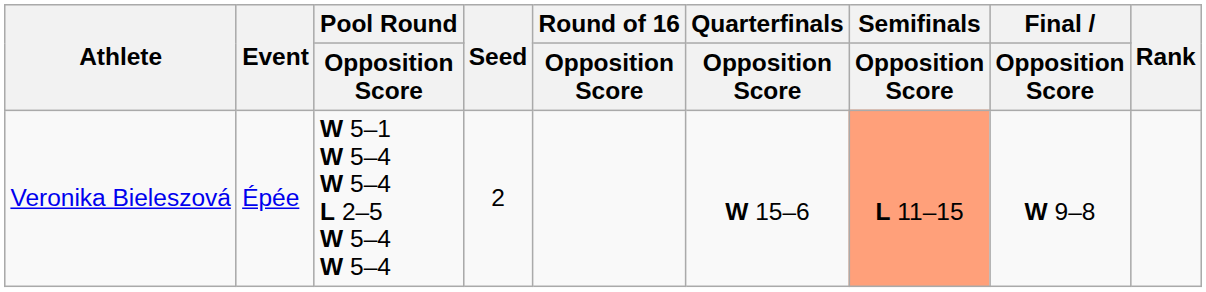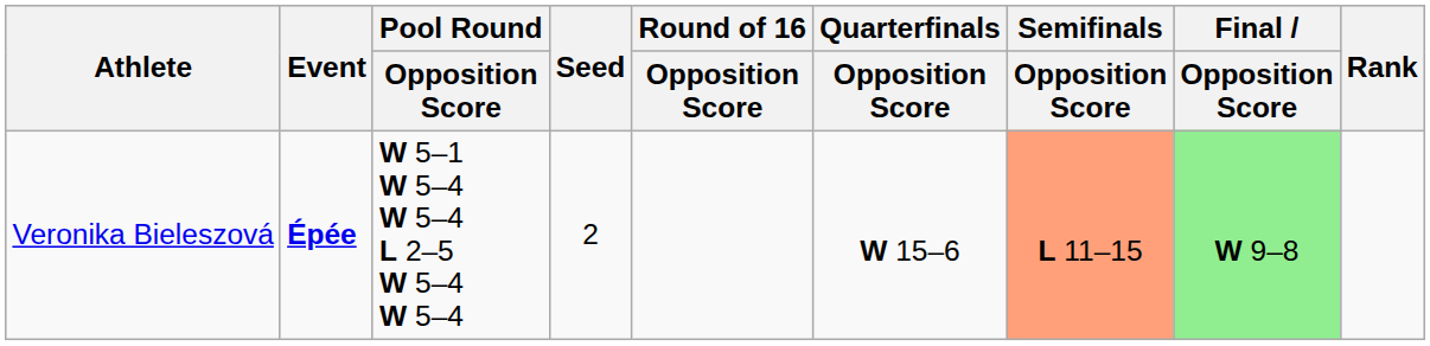 <table class="wikitable">
 <tr>
 <th rowspan="2">Athlete</th>
 <th rowspan="2">Event</th>
 <th>Pool Round</th>
 <th rowspan="2">Seed</th>
 <th>Round of 16</th>
 <th>Quarterfinals</th>
 <th>Semifinals</th>
 <th>Final / </th>
 <th rowspan="2">Rank</th>
 </tr>
 <tr>
 <th>Opposition<br>Score</th>
 <th>Opposition<br>Score</th>
 <th>Opposition<br>Score</th>
 <th>Opposition<br>Score</th>
 <th>Opposition<br>Score</th>
 </tr>
 <tr align="center">
 <td align="left"><a href='#'>Veronika Bieleszová</a></td>
-<td align="left"><a href='#'>Épée</a></td>
+<td align="left"><strong><a href='#'>Épée</a></strong></td>
 <td align="left"> <strong>W</strong> 5–1<br> <strong>W</strong> 5–4<br> <strong>W</strong> 5–4<br> <strong>L</strong> 2–5<br> <strong>W</strong> 5–4<br> <strong>W</strong> 5–4</td>
 <td>2</td>
 <td></td>
 <td><br><strong>W</strong> 15–6</td>
 <td style="background: lightsalmon;"><br><strong>L</strong> 11–15</td>
-<td><br><strong>W</strong> 9–8</td>
+<td style="background: lightgreen;"><br><strong>W</strong> 9–8</td>
 <td></td>
 </tr>
 </table>
